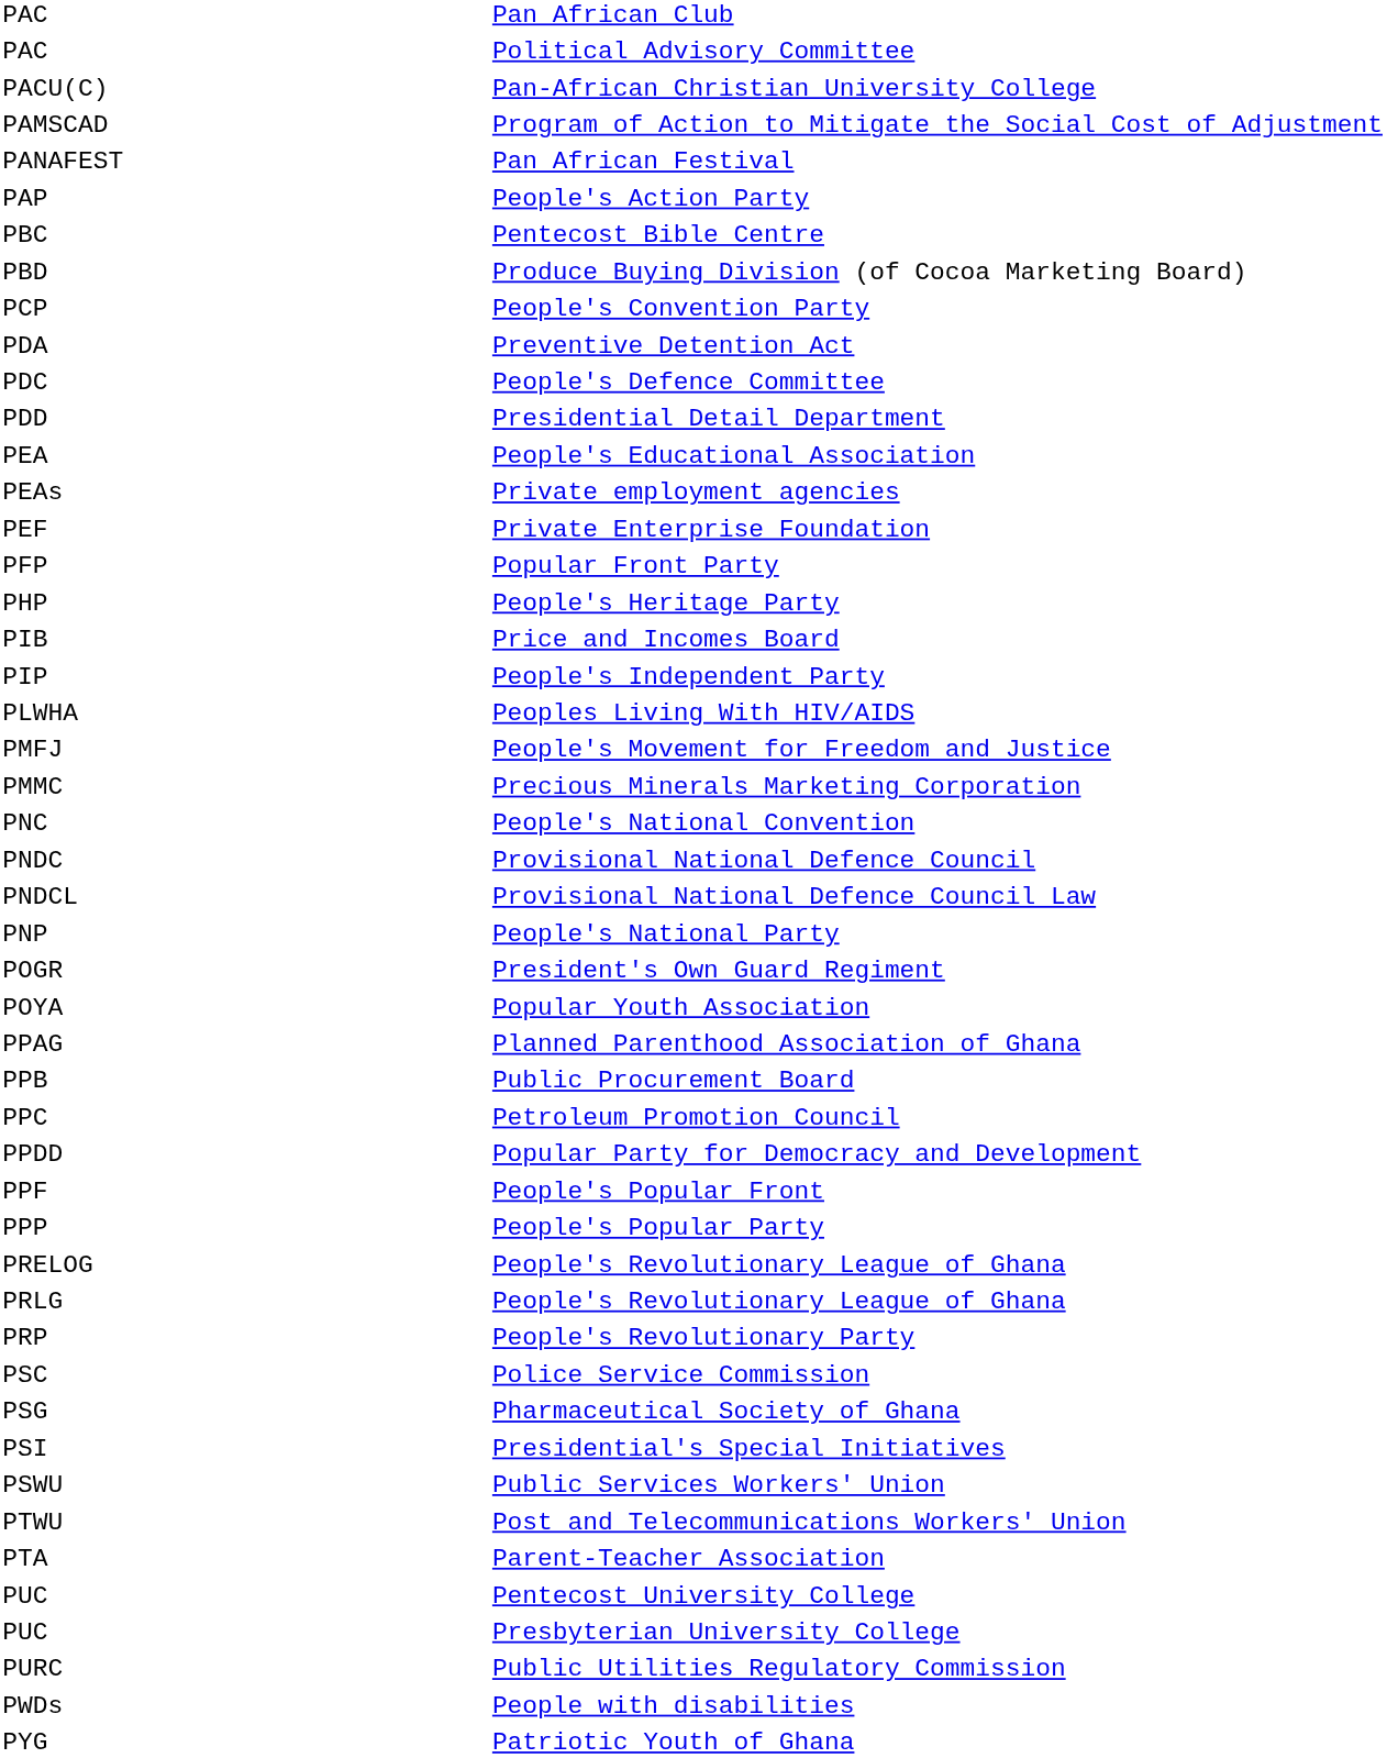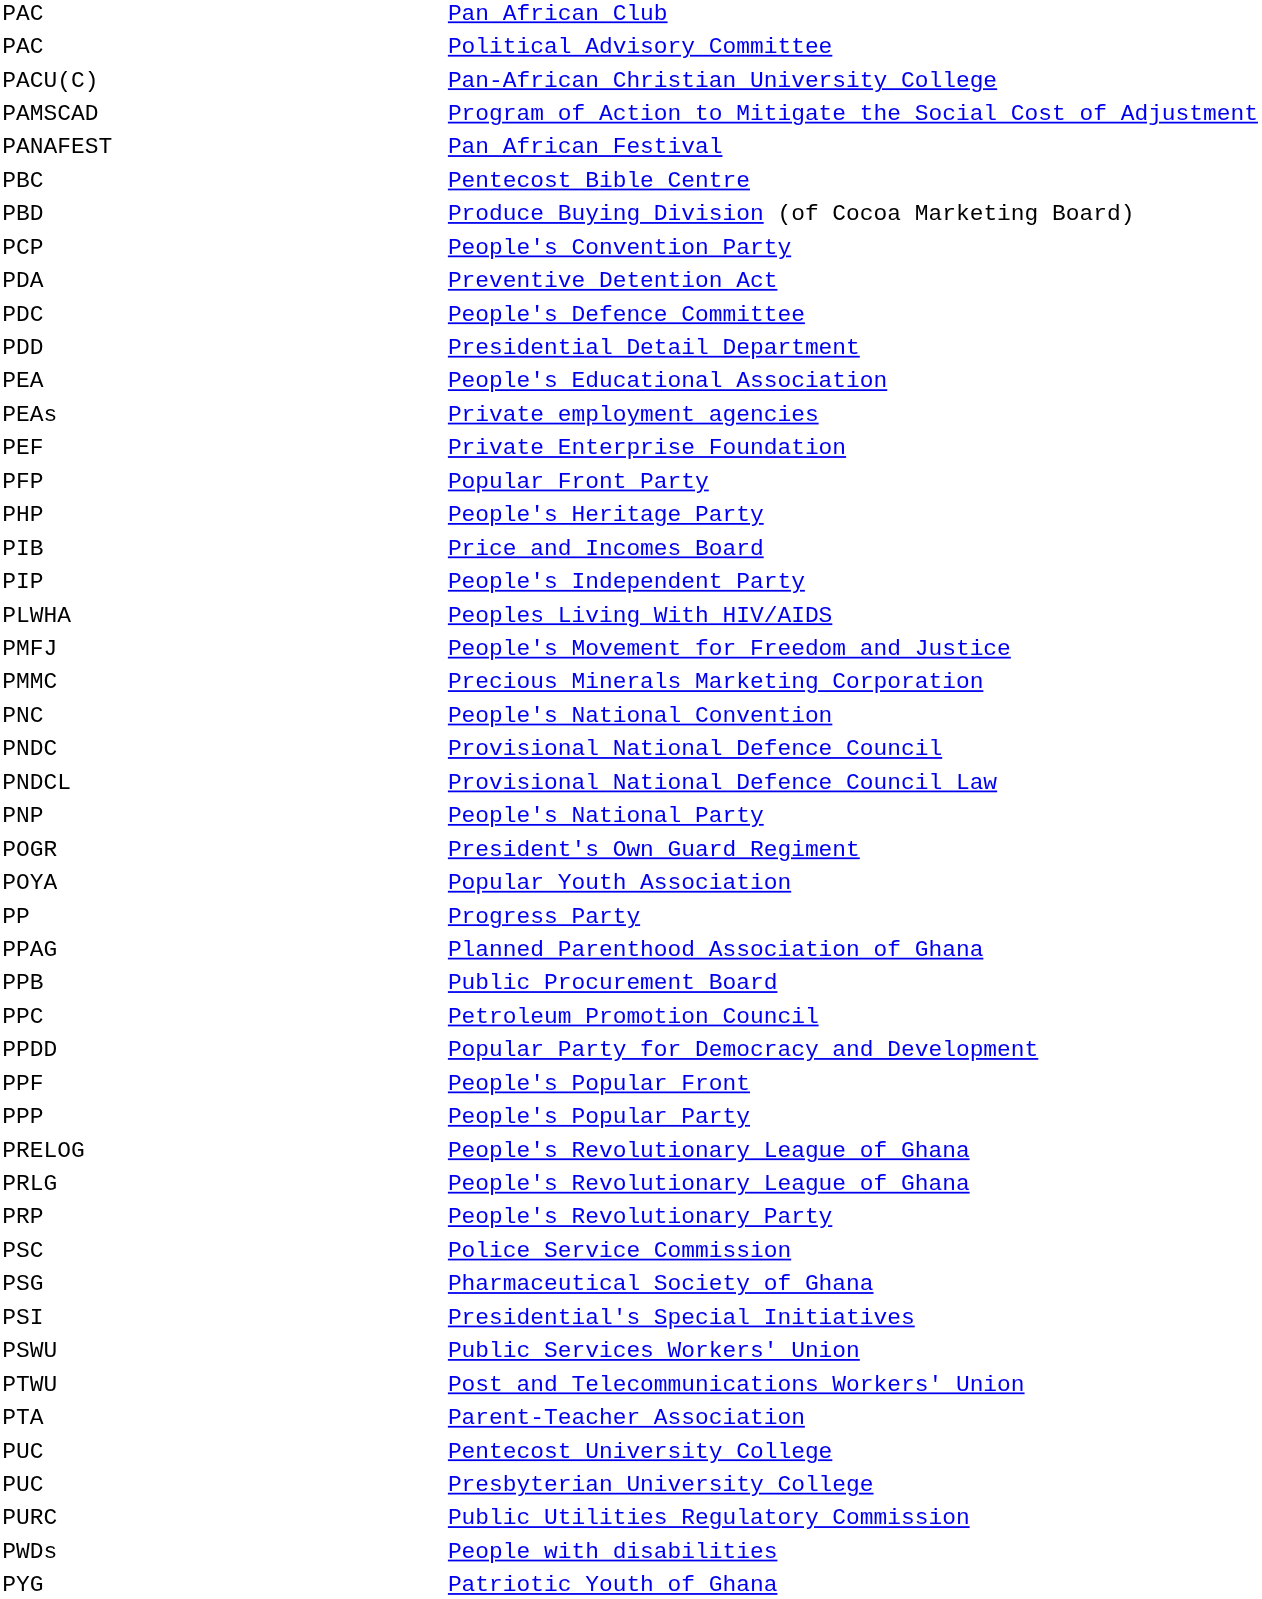 <table width="100%" style="text-verticalalign:top">
 <tr>
 <td width="20%">PAC</td>
 <td width="40%"><a href='#'>Pan African Club</a></td>
 <td width="40%"></td>
 </tr>
 <tr>
 <td>PAC</td>
 <td><a href='#'>Political Advisory Committee</a></td>
 <td></td>
 </tr>
 <tr>
 <td>PACU(C)</td>
 <td><a href='#'>Pan-African Christian University College</a></td>
 <td></td>
 </tr>
 <tr>
 <td>PAMSCAD</td>
 <td><a href='#'>Program of Action to Mitigate the Social Cost of Adjustment</a></td>
 <td></td>
 </tr>
 <tr>
 <td>PANAFEST</td>
 <td><a href='#'>Pan African Festival</a></td>
-<td></td>
-</tr>
-<tr>
-<td>PAP</td>
-<td><a href='#'>People's Action Party</a></td>
 <td></td>
 </tr>
 <tr>
 <td>PBC</td>
 <td><a href='#'>Pentecost Bible Centre</a></td>
 <td></td>
 </tr>
 <tr>
 <td>PBD</td>
 <td><a href='#'>Produce Buying Division</a> (of Cocoa Marketing Board)</td>
 <td></td>
 </tr>
 <tr>
 <td>PCP</td>
 <td><a href='#'>People's Convention Party</a></td>
 <td></td>
 </tr>
 <tr>
 <td>PDA</td>
 <td><a href='#'>Preventive Detention Act</a></td>
 <td></td>
 </tr>
 <tr>
 <td>PDC</td>
 <td><a href='#'>People's Defence Committee</a></td>
 <td></td>
 </tr>
 <tr>
 <td>PDD</td>
 <td><a href='#'>Presidential Detail Department</a></td>
 <td></td>
 </tr>
 <tr>
 <td>PEA</td>
 <td><a href='#'>People's Educational Association</a></td>
 <td></td>
 </tr>
 <tr>
 <td>PEAs</td>
 <td><a href='#'>Private employment agencies</a></td>
 <td></td>
 </tr>
 <tr>
 <td>PEF</td>
 <td><a href='#'>Private Enterprise Foundation</a></td>
 <td></td>
 </tr>
 <tr>
 <td>PFP</td>
 <td><a href='#'>Popular Front Party</a></td>
 <td></td>
 </tr>
 <tr>
 <td>PHP</td>
 <td><a href='#'>People's Heritage Party</a></td>
 <td></td>
 </tr>
 <tr>
 <td>PIB</td>
 <td><a href='#'>Price and Incomes Board</a></td>
 <td></td>
 </tr>
 <tr>
 <td>PIP</td>
 <td><a href='#'>People's Independent Party</a></td>
 <td></td>
 </tr>
 <tr>
 <td>PLWHA</td>
 <td><a href='#'>Peoples Living With HIV/AIDS</a></td>
 <td></td>
 </tr>
 <tr>
 <td>PMFJ</td>
 <td><a href='#'>People's Movement for Freedom and Justice</a></td>
 <td></td>
 </tr>
 <tr>
 <td>PMMC</td>
 <td><a href='#'>Precious Minerals Marketing Corporation</a></td>
 <td></td>
 </tr>
 <tr>
 <td>PNC</td>
 <td><a href='#'>People's National Convention</a></td>
 <td></td>
 </tr>
 <tr>
 <td>PNDC</td>
 <td><a href='#'>Provisional National Defence Council</a></td>
 <td></td>
 </tr>
 <tr>
 <td>PNDCL</td>
 <td><a href='#'>Provisional National Defence Council Law</a></td>
 <td></td>
 </tr>
 <tr>
 <td>PNP</td>
 <td><a href='#'>People's National Party</a></td>
 <td></td>
 </tr>
 <tr>
 <td>POGR</td>
 <td><a href='#'>President's Own Guard Regiment</a></td>
 <td></td>
 </tr>
 <tr>
 <td>POYA</td>
 <td><a href='#'>Popular Youth Association</a></td>
 <td></td>
 </tr>
 <tr>
+<td>PP</td>
+<td><a href='#'>Progress Party</a></td>
+<td></td>
+</tr>
+<tr>
 <td>PPAG</td>
 <td><a href='#'>Planned Parenthood Association of Ghana</a></td>
 <td></td>
 </tr>
 <tr>
 <td>PPB</td>
 <td><a href='#'>Public Procurement Board</a></td>
 <td></td>
 </tr>
 <tr>
 <td>PPC</td>
 <td><a href='#'>Petroleum Promotion Council</a></td>
 <td></td>
 </tr>
 <tr>
 <td>PPDD</td>
 <td><a href='#'>Popular Party for Democracy and Development</a></td>
 <td></td>
 </tr>
 <tr>
 <td>PPF</td>
 <td><a href='#'>People's Popular Front</a></td>
 <td></td>
 </tr>
 <tr>
 <td>PPP</td>
 <td><a href='#'>People's Popular Party</a></td>
 <td></td>
 </tr>
 <tr>
 <td>PRELOG</td>
 <td><a href='#'>People's Revolutionary League of Ghana</a></td>
 <td></td>
 </tr>
 <tr>
 <td>PRLG</td>
 <td><a href='#'>People's Revolutionary League of Ghana</a></td>
 <td></td>
 </tr>
 <tr>
 <td>PRP</td>
 <td><a href='#'>People's Revolutionary Party</a></td>
 <td></td>
 </tr>
 <tr>
 <td>PSC</td>
 <td><a href='#'>Police Service Commission</a></td>
 <td></td>
 </tr>
 <tr>
 <td>PSG</td>
 <td><a href='#'>Pharmaceutical Society of Ghana</a></td>
 <td></td>
 </tr>
 <tr>
 <td>PSI</td>
 <td><a href='#'>Presidential's Special Initiatives</a></td>
 <td></td>
 </tr>
 <tr>
 <td>PSWU</td>
 <td><a href='#'>Public Services Workers' Union</a></td>
 <td></td>
 </tr>
 <tr>
 <td>PTWU</td>
 <td><a href='#'>Post and Telecommunications Workers' Union</a></td>
 <td></td>
 </tr>
 <tr>
 <td>PTA</td>
 <td><a href='#'>Parent-Teacher Association</a></td>
 <td></td>
 </tr>
 <tr>
 <td>PUC</td>
 <td><a href='#'>Pentecost University College</a></td>
 <td></td>
 </tr>
 <tr>
 <td>PUC</td>
 <td><a href='#'>Presbyterian University College</a></td>
 <td></td>
 </tr>
 <tr>
 <td>PURC</td>
 <td><a href='#'>Public Utilities Regulatory Commission</a></td>
 <td></td>
 </tr>
 <tr>
 <td>PWDs</td>
 <td><a href='#'>People with disabilities</a></td>
 <td></td>
 </tr>
 <tr>
 <td>PYG</td>
 <td><a href='#'>Patriotic Youth of Ghana</a></td>
 <td></td>
 </tr>
 </table>
